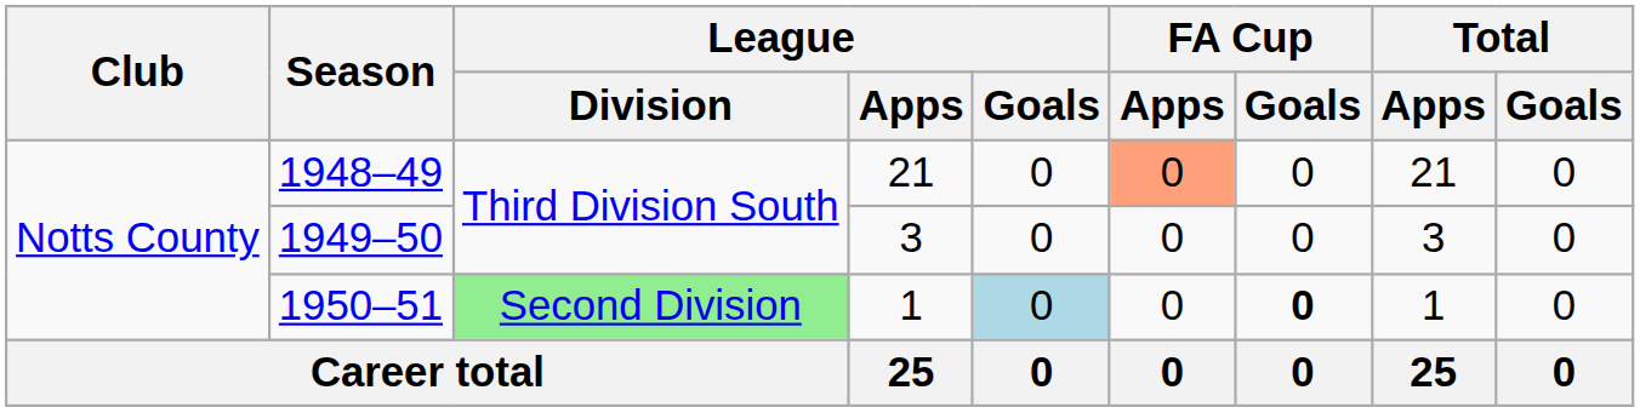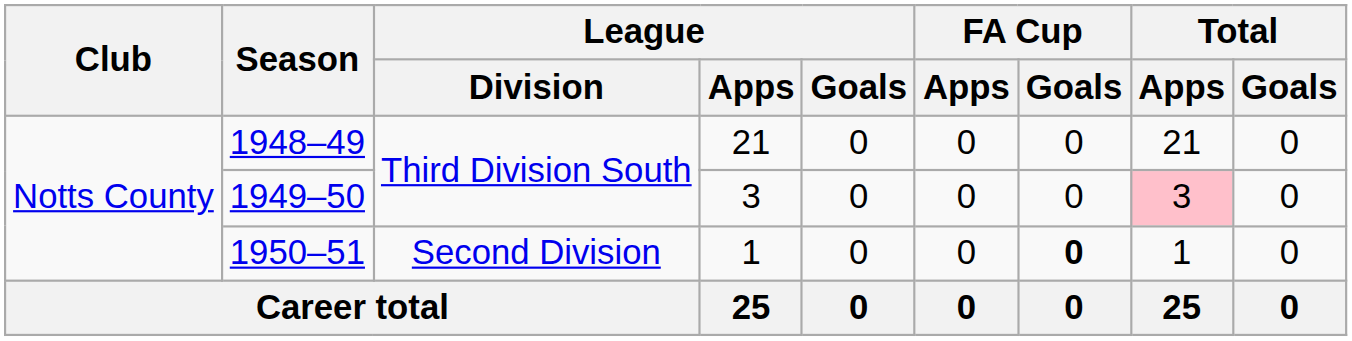 <table class="wikitable" style="text-align:center">
 <tr>
 <th rowspan="2">Club</th>
 <th rowspan="2">Season</th>
 <th colspan="3">League</th>
 <th colspan="2">FA Cup</th>
 <th colspan="2">Total</th>
 </tr>
 <tr>
 <th>Division</th>
 <th>Apps</th>
 <th>Goals</th>
 <th>Apps</th>
 <th>Goals</th>
 <th>Apps</th>
 <th>Goals</th>
 </tr>
 <tr>
 <td rowspan="3"><a href='#'>Notts County</a></td>
 <td><a href='#'>1948–49</a></td>
 <td rowspan="2"><a href='#'>Third Division South</a></td>
 <td>21</td>
 <td>0</td>
-<td style="background: lightsalmon;">0</td>
+<td>0</td>
 <td>0</td>
 <td>21</td>
 <td>0</td>
 </tr>
 <tr>
 <td><a href='#'>1949–50</a></td>
 <td>3</td>
 <td>0</td>
 <td>0</td>
 <td>0</td>
-<td>3</td>
+<td style="background: pink;">3</td>
 <td>0</td>
 </tr>
 <tr>
 <td><a href='#'>1950–51</a></td>
-<td style="background: lightgreen;"><a href='#'>Second Division</a></td>
+<td><a href='#'>Second Division</a></td>
 <td>1</td>
-<td style="background: lightblue;">0</td>
+<td>0</td>
 <td>0</td>
 <td><strong>0</strong></td>
 <td>1</td>
 <td>0</td>
 </tr>
 <tr>
 <th colspan="3">Career total</th>
 <th>25</th>
 <th>0</th>
 <th>0</th>
 <th>0</th>
 <th>25</th>
 <th>0</th>
 </tr>
 </table>
